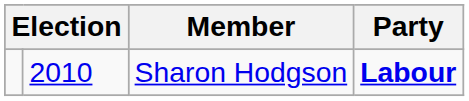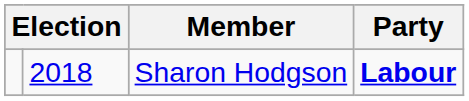 <table class="wikitable">
 <tr>
 <th colspan="2">Election</th>
 <th>Member</th>
 <th>Party</th>
 </tr>
 <tr>
 <td style="color:inherit;background-color: "></td>
-<td><a href='#'>2010</a></td>
+<td><a href='#'>2018</a></td>
 <td><a href='#'>Sharon Hodgson</a></td>
 <td><strong><a href='#'>Labour</a></strong></td>
 </tr>
 </table>
